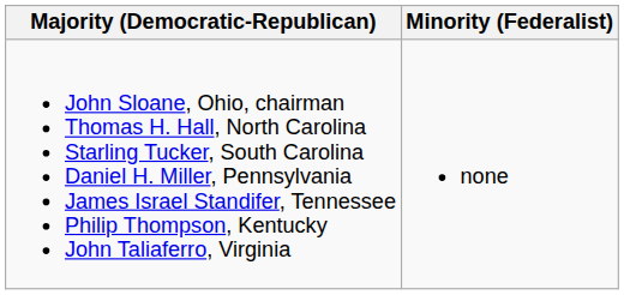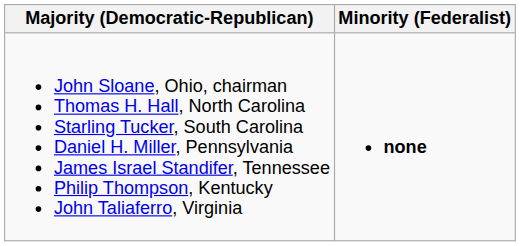 <table class=wikitable>
 <tr>
 <th>Majority (Democratic-Republican)</th>
 <th>Minority (Federalist)</th>
 </tr>
 <tr>
 <td><br><ul><li><a href='#'>John Sloane</a>, Ohio, chairman</li><li><a href='#'>Thomas H. Hall</a>, North Carolina</li><li><a href='#'>Starling Tucker</a>, South Carolina</li><li><a href='#'>Daniel H. Miller</a>, Pennsylvania</li><li><a href='#'>James Israel Standifer</a>, Tennessee</li><li><a href='#'>Philip Thompson</a>, Kentucky</li><li><a href='#'>John Taliaferro</a>, Virginia</li></ul></td>
-<td><br><ul><li>none</li></ul></td>
+<td><strong><br><ul><li>none</li></ul></strong></td>
 </tr>
 </table>
